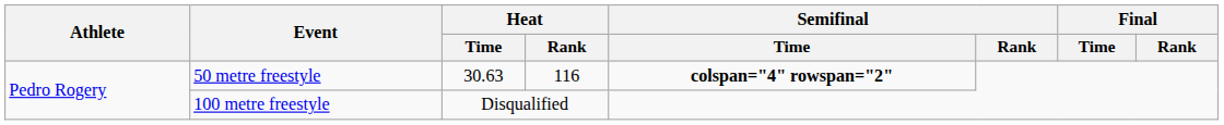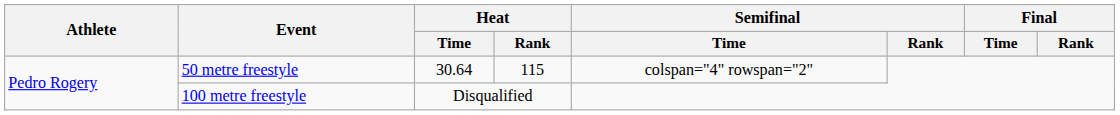 <table class="wikitable" style="text-align:center; font-size:90%; width:50%;">
 <tr>
 <th rowspan="2">Athlete</th>
 <th rowspan="2">Event</th>
 <th colspan="2">Heat</th>
 <th colspan="2">Semifinal</th>
 <th colspan="2">Final</th>
 </tr>
 <tr style="font-size:95%">
 <th>Time</th>
 <th>Rank</th>
 <th>Time</th>
 <th>Rank</th>
 <th>Time</th>
 <th>Rank</th>
 </tr>
 <tr align=center>
 <td align=left rowspan="2"><a href='#'>Pedro Rogery</a></td>
 <td align=left><a href='#'>50 metre freestyle</a></td>
-<td>30.63</td>
-<td>116</td>
-<td><strong>colspan="4" rowspan="2" </strong></td>
+<td>30.64</td>
+<td>115</td>
+<td>colspan="4" rowspan="2" </td>
 </tr>
 <tr align=center>
 <td align=left><a href='#'>100 metre freestyle</a></td>
 <td colspan="2">Disqualified</td>
 </tr>
 </table>
